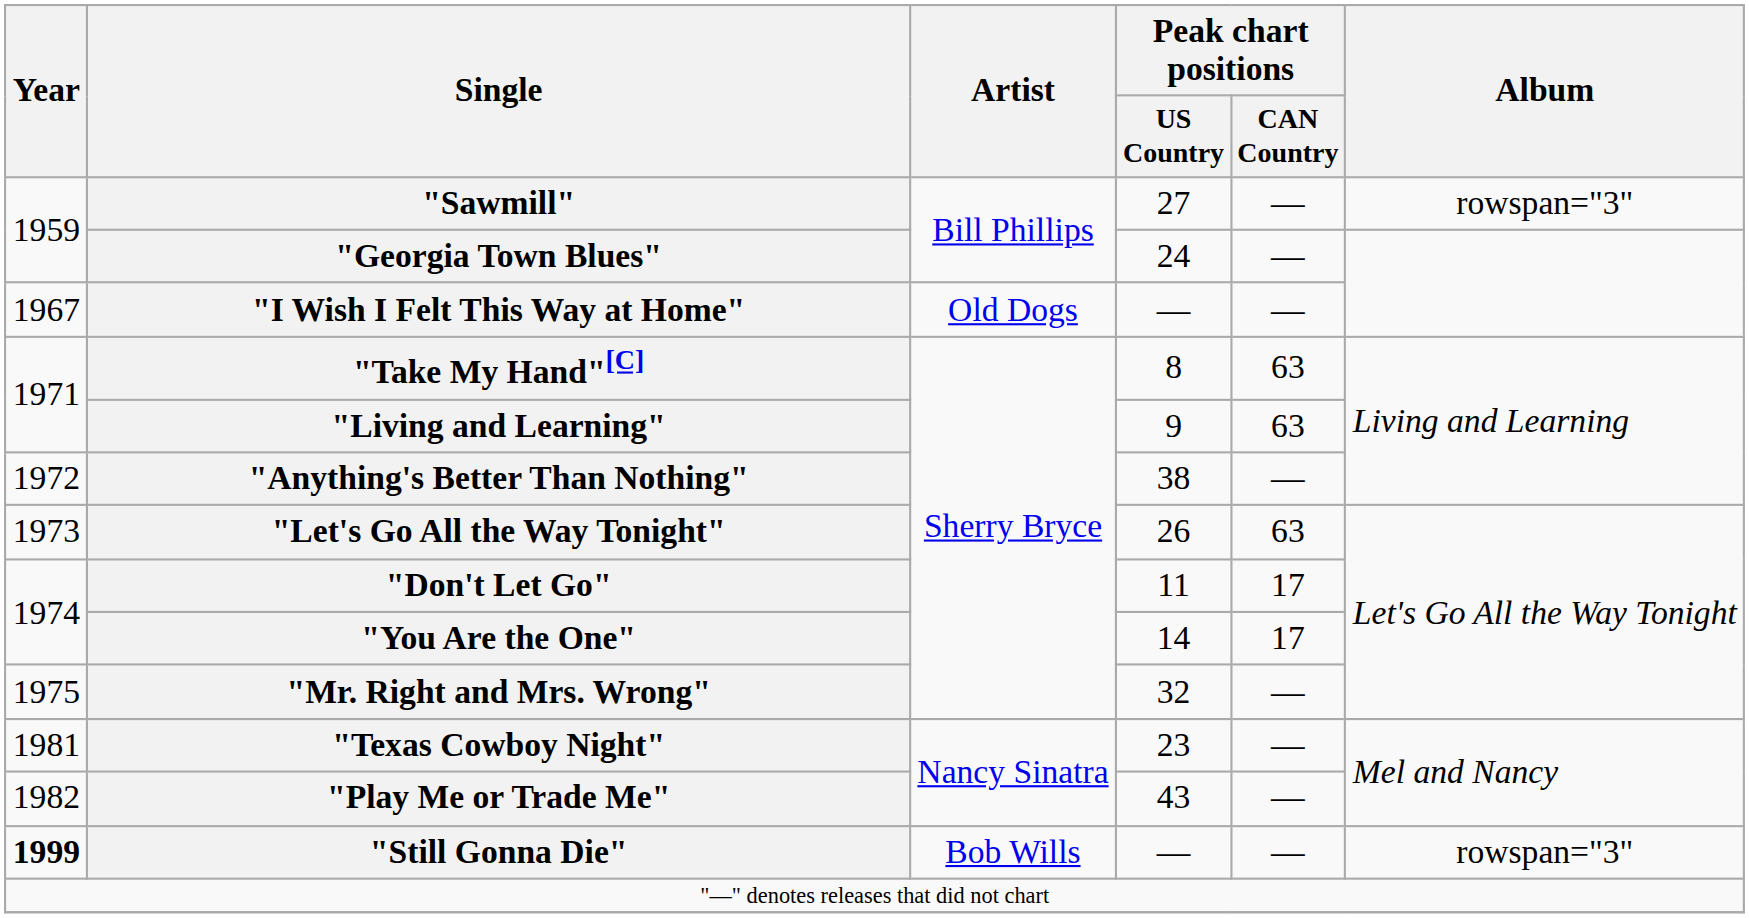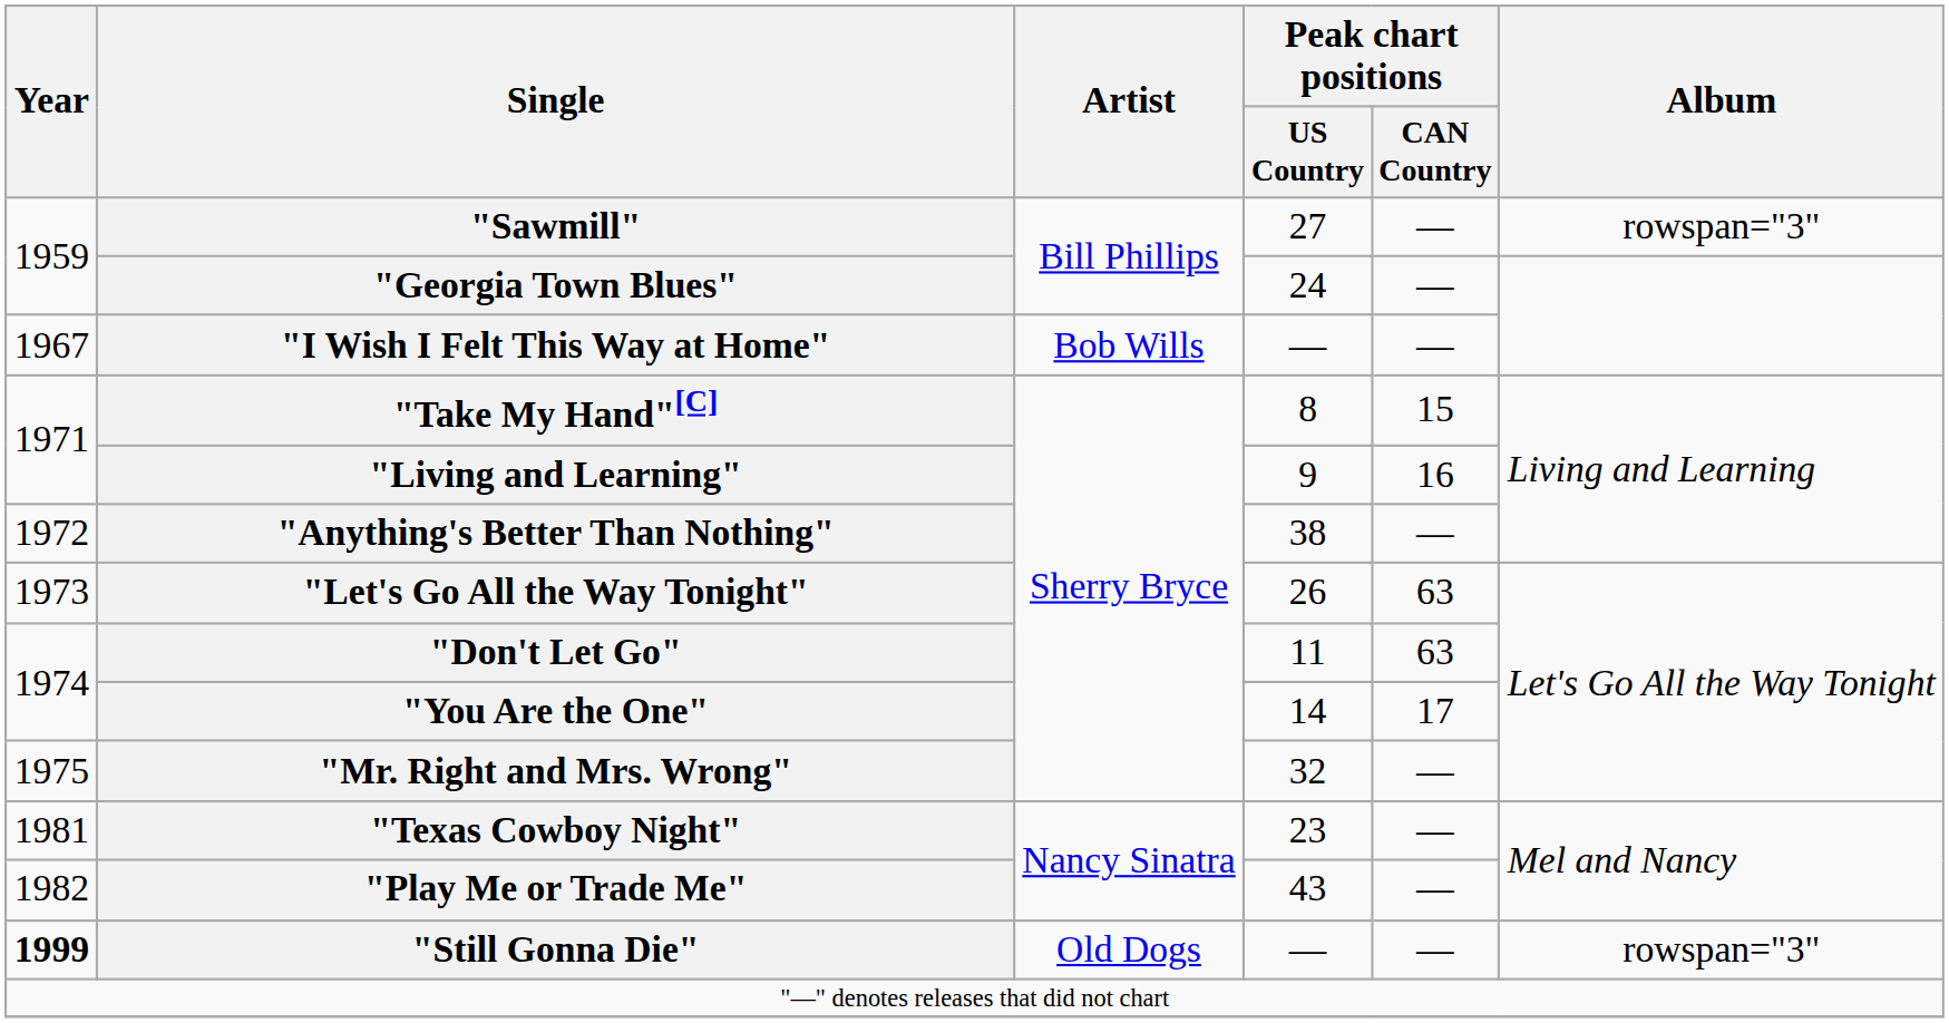 <table class="wikitable plainrowheaders" style="text-align:center;">
 <tr>
 <th rowspan="2">Year</th>
 <th rowspan="2" style="width:24em;">Single</th>
 <th rowspan="2">Artist</th>
 <th colspan="2">Peak chart<br>positions</th>
 <th rowspan="2">Album</th>
 </tr>
 <tr style="font-size:smaller;">
 <th width="45">US Country<br></th>
 <th width="45">CAN Country<br></th>
 </tr>
 <tr>
 <td rowspan="2">1959</td>
 <th scope="row">"Sawmill"</th>
 <td rowspan="2"><a href='#'>Bill Phillips</a></td>
 <td>27</td>
 <td>—</td>
 <td>rowspan="3" </td>
 </tr>
 <tr>
 <th scope="row">"Georgia Town Blues"</th>
 <td>24</td>
 <td>—</td>
 </tr>
 <tr>
 <td>1967</td>
 <th scope="row">"I Wish I Felt This Way at Home"</th>
-<td><a href='#'>Old Dogs</a></td>
+<td><a href='#'>Bob Wills</a></td>
 <td>—</td>
 <td>—</td>
 </tr>
 <tr>
 <td rowspan="2">1971</td>
 <th scope="row">"Take My Hand"<sup><span></span><a href='#'><strong>[C]</strong></a></sup></th>
 <td rowspan="7"><a href='#'>Sherry Bryce</a></td>
 <td>8</td>
-<td>63</td>
+<td>15</td>
 <td align="left" rowspan="3"><em>Living and Learning</em></td>
 </tr>
 <tr>
 <th scope="row">"Living and Learning"</th>
 <td>9</td>
-<td>63</td>
+<td>16</td>
 </tr>
 <tr>
 <td>1972</td>
 <th scope="row">"Anything's Better Than Nothing"</th>
 <td>38</td>
 <td>—</td>
 </tr>
 <tr>
 <td>1973</td>
 <th scope="row">"Let's Go All the Way Tonight"</th>
 <td>26</td>
 <td>63</td>
 <td align="left" rowspan="4"><em>Let's Go All the Way Tonight</em></td>
 </tr>
 <tr>
 <td rowspan="2">1974</td>
 <th scope="row">"Don't Let Go"</th>
 <td>11</td>
-<td>17</td>
+<td>63</td>
 </tr>
 <tr>
 <th scope="row">"You Are the One"</th>
 <td>14</td>
 <td>17</td>
 </tr>
 <tr>
 <td>1975</td>
 <th scope="row">"Mr. Right and Mrs. Wrong"</th>
 <td>32</td>
 <td>—</td>
 </tr>
 <tr>
 <td>1981</td>
 <th scope="row">"Texas Cowboy Night"</th>
 <td rowspan="2"><a href='#'>Nancy Sinatra</a></td>
 <td>23</td>
 <td>—</td>
 <td align="left" rowspan="2"><em>Mel and Nancy</em></td>
 </tr>
 <tr>
 <td>1982</td>
 <th scope="row">"Play Me or Trade Me"</th>
 <td>43</td>
 <td>—</td>
 </tr>
 <tr>
 <td><strong>1999</strong></td>
 <th scope="row">"Still Gonna Die"</th>
-<td><a href='#'>Bob Wills</a></td>
+<td><a href='#'>Old Dogs</a></td>
 <td>—</td>
 <td>—</td>
 <td>rowspan="3" </td>
 </tr>
 <tr>
 <td colspan="7" style="font-size:8pt">"—" denotes releases that did not chart</td>
 </tr>
 <tr>
 </tr>
 </table>
